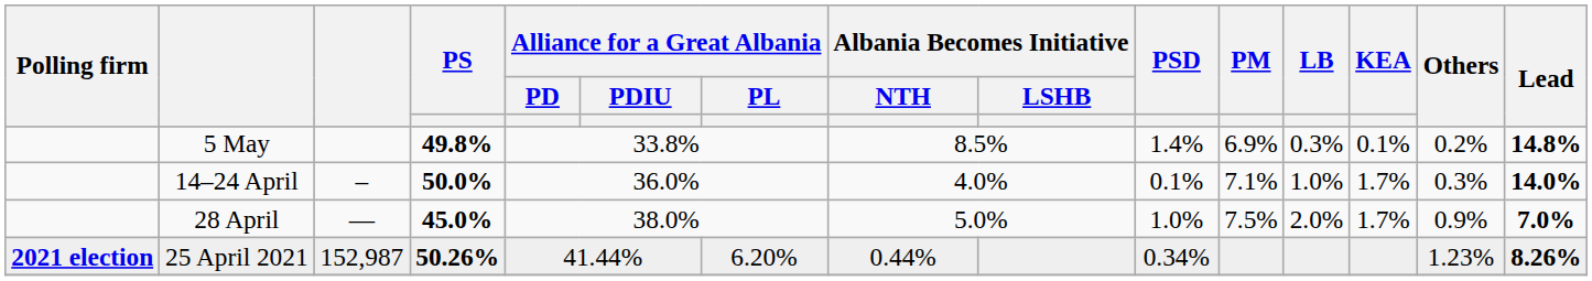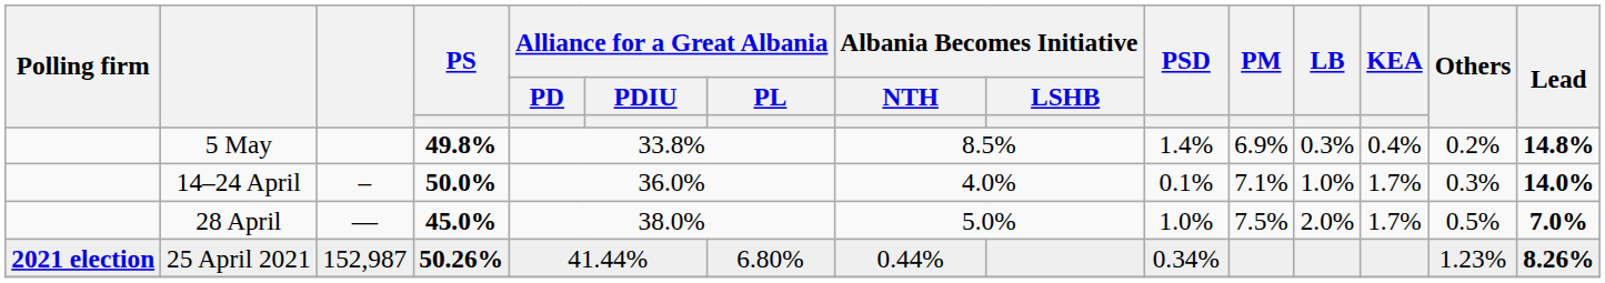 <table class="wikitable sortable tpl-blanktablele" style="text-align:center;font-size:90%;line-height:14px;">
 <tr style="height:40px;">
 <th rowspan="3">Polling firm</th>
 <th rowspan="3"></th>
 <th rowspan="3"></th>
 <th class="unsortable" style="width:40px;" rowspan=2><a href='#'>PS</a></th>
 <th colspan=3><a href='#'>Alliance for a Great Albania</a></th>
 <th colspan=2>Albania Becomes Initiative</th>
 <th class="unsortable" style="width:40px;" rowspan=2><a href='#'>PSD</a></th>
 <th rowspan="2" class="unsortable" style="width:30px;"><a href='#'>PM</a></th>
 <th rowspan="2" class="unsortable" style="width:30px;"><a href='#'>LB</a></th>
 <th class="unsortable" style="width:30px;"  rowspan=2><a href='#'>KEA</a></th>
 <th class="unsortable" style="width:30px;"  rowspan=3>Others</th>
 <th style="width:30px;" rowspan=3><br>Lead</th>
 </tr>
 <tr>
 <th><a href='#'>PD</a></th>
 <th><a href='#'>PDIU</a></th>
 <th><a href='#'>PL</a></th>
 <th><a href='#'>NTH</a></th>
 <th><a href='#'>LSHB</a></th>
 </tr>
 <tr>
 <th style="background:"></th>
 <th style="background:"></th>
 <th style="background:"></th>
 <th style="background:"></th>
 <th style="background:"></th>
 <th style="background:"></th>
 <th style="background:"></th>
 <th style="background:"></th>
 <th style="background:"></th>
 <th style="background:"></th>
 </tr>
 <tr>
 <td></td>
 <td>5 May</td>
 <td></td>
 <td><strong>49.8%</strong><br> </td>
 <td colspan="3">33.8%<br> </td>
 <td colspan="2">8.5%<br> </td>
 <td>1.4%<br> </td>
 <td>6.9%<br> </td>
 <td>0.3%<br> </td>
-<td>0.1%<br> </td>
+<td>0.4%<br> </td>
 <td>0.2%</td>
 <td style="background:"><strong>14.8%</strong></td>
 </tr>
 <tr>
 <td></td>
 <td>14–24 April</td>
 <td>–</td>
 <td><strong>50.0%</strong><br> </td>
 <td colspan="3">36.0%<br> </td>
 <td colspan="2">4.0%<br> </td>
 <td>0.1%<br> </td>
 <td>7.1%<br> </td>
 <td>1.0%<br> </td>
 <td>1.7%<br> </td>
 <td>0.3%</td>
 <td style="background:"><strong>14.0%</strong></td>
 </tr>
 <tr>
 <td></td>
 <td>28 April</td>
 <td>—</td>
 <td><strong>45.0%</strong><br> </td>
 <td colspan="3">38.0%<br> </td>
 <td colspan="2">5.0%<br> </td>
 <td>1.0%<br> </td>
 <td>7.5%<br> </td>
 <td>2.0%<br> </td>
 <td>1.7%<br> </td>
-<td>0.9%</td>
+<td>0.5%</td>
 <td style="background:"><strong>7.0%</strong></td>
 </tr>
 <tr style="background:#EFEFEF">
 <td><strong><a href='#'>2021 election</a></strong></td>
 <td>25 April 2021</td>
 <td>152,987</td>
 <td><strong>50.26%</strong> <br> </td>
 <td colspan="2">41.44%<br> </td>
-<td>6.20%<br> </td>
+<td>6.80%<br> </td>
 <td>0.44%<br> </td>
 <td></td>
 <td>0.34%<br> </td>
 <td></td>
 <td></td>
 <td></td>
 <td>1.23%</td>
 <td style="background:"><strong>8.26%</strong></td>
 </tr>
 <tr>
 </tr>
 </table>
